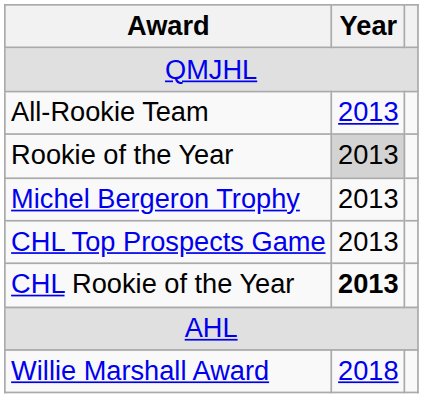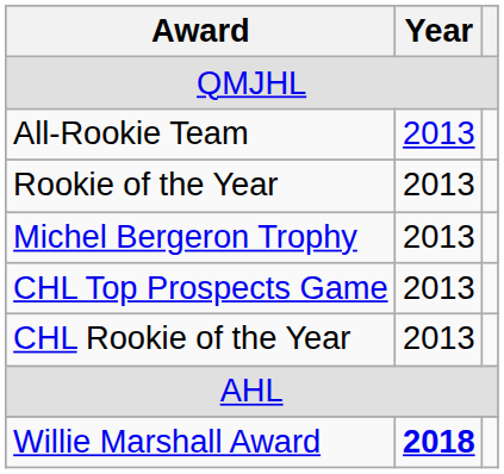 <table class="wikitable">
 <tr>
 <th>Award</th>
 <th>Year</th>
 <th></th>
 </tr>
 <tr ALIGN="center" bgcolor="#e0e0e0">
 <td colspan="3"><a href='#'>QMJHL</a></td>
 </tr>
 <tr>
 <td>All-Rookie Team</td>
 <td><a href='#'>2013</a></td>
 <td></td>
 </tr>
 <tr>
 <td>Rookie of the Year</td>
-<td style="background: lightgrey;">2013</td>
+<td>2013</td>
 <td></td>
 </tr>
 <tr>
 <td><a href='#'>Michel Bergeron Trophy</a></td>
 <td>2013</td>
 <td></td>
 </tr>
 <tr>
 <td><a href='#'>CHL Top Prospects Game</a></td>
 <td>2013</td>
 <td></td>
 </tr>
 <tr>
 <td><a href='#'>CHL</a> Rookie of the Year</td>
-<td><strong>2013</strong></td>
+<td>2013</td>
 <td></td>
 </tr>
 <tr ALIGN="center" bgcolor="#e0e0e0">
 <td colspan="3"><a href='#'>AHL</a></td>
 </tr>
 <tr>
 <td><a href='#'>Willie Marshall Award</a></td>
-<td><a href='#'>2018</a></td>
+<td><strong><a href='#'>2018</a></strong></td>
 <td></td>
 </tr>
 </table>
